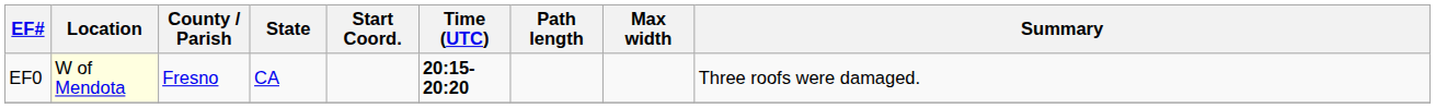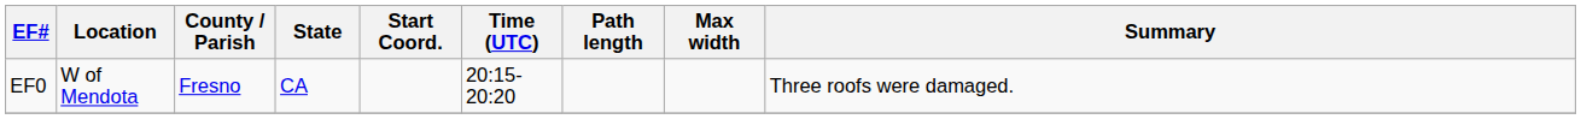 <table class="wikitable sortable" style="width:100%;">
 <tr>
 <th scope="col"  style="width:3%; text-align:center;"><a href='#'>EF#</a></th>
 <th scope="col"  style="width:7%; text-align:center;" class="unsortable">Location</th>
 <th scope="col"  style="width:6%; text-align:center;" class="unsortable">County / Parish</th>
 <th scope="col"  style="width:5%; text-align:center;">State</th>
 <th scope="col"  style="width:6%; text-align:center;">Start Coord.</th>
 <th scope="col"  style="width:6%; text-align:center;">Time (<a href='#'>UTC</a>)</th>
 <th scope="col"  style="width:6%; text-align:center;">Path length</th>
 <th scope="col"  style="width:6%; text-align:center;">Max width</th>
 <th scope="col" class="unsortable" style="width:48%; text-align:center;">Summary</th>
 </tr>
 <tr>
 <td bgcolor=>EF0</td>
-<td style="background: lightyellow;">W of <a href='#'>Mendota</a></td>
+<td>W of <a href='#'>Mendota</a></td>
 <td><a href='#'>Fresno</a></td>
 <td><a href='#'>CA</a></td>
 <td></td>
-<td><strong>20:15-20:20</strong></td>
+<td>20:15-20:20</td>
 <td></td>
 <td></td>
 <td>Three roofs were damaged.</td>
 </tr>
 <tr>
 </tr>
 </table>
